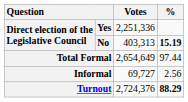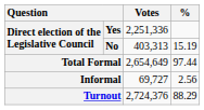 <table class="wikitable" align="center">
 <tr ---->
 <th colspan="2" style="text-align:left">Question</th>
 <th>Votes</th>
 <th>%</th>
 </tr>
 <tr align="right">
 <th rowspan="2" style="text-align:left">Direct election of the<br>Legislative Council</th>
 <th style="text-align:left">Yes</th>
 <td align="right">2,251,336</td>
 <td></td>
 </tr>
 <tr align="right">
 <th style="text-align:left">No</th>
 <td>403,313</td>
-<td><strong>15.19</strong></td>
+<td>15.19</td>
 </tr>
 <tr align="right">
 <th colspan="2" style="text-align:right">Total Formal</th>
 <td>2,654,649</td>
 <td>97.44</td>
 </tr>
 <tr align="right">
 <th colspan="2" style="text-align:right">Informal</th>
 <td>69,727</td>
 <td>2.56</td>
 </tr>
 <tr align="right">
 <th colspan="2" style="text-align:right"><a href='#'>Turnout</a></th>
 <td>2,724,376</td>
-<td><strong>88.29</strong></td>
+<td>88.29</td>
 </tr>
 </table>
